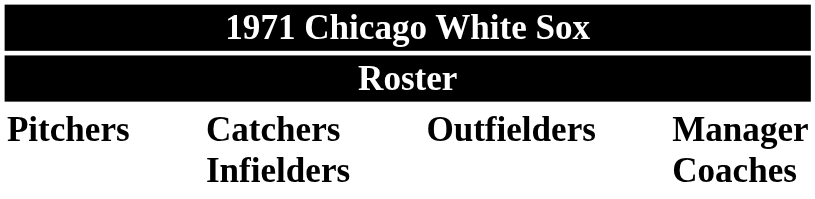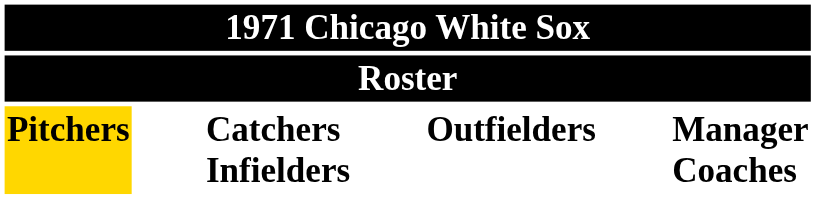 <table class="toccolours" style="font-size: 95%;">
 <tr>
 <th colspan="10" style="background-color: black; color: white; text-align: center;">1971 Chicago White Sox</th>
 </tr>
 <tr>
 <td colspan="10" style="background-color: black; color: white; text-align: center;"><strong>Roster</strong></td>
 </tr>
 <tr>
-<td valign="top"><strong>Pitchers</strong><br>             </td>
+<td valign="top" style="background: gold;"><strong>Pitchers</strong><br>             </td>
 <td width="25px"></td>
 <td valign="top"><strong>Catchers</strong><br>   <strong>Infielders</strong>          </td>
 <td width="25px"></td>
 <td valign="top"><strong>Outfielders</strong><br>        </td>
 <td width="25px"></td>
 <td valign="top"><strong>Manager</strong><br> <strong>Coaches</strong>    </td>
 </tr>
 </table>
